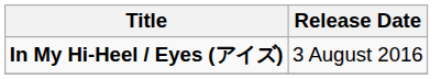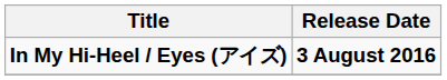 <table class="wikitable">
 <tr>
 <th>Title</th>
 <th>Release Date</th>
 </tr>
 <tr>
 <td><strong> In My Hi-Heel / Eyes (アイズ)</strong></td>
-<td>3 August 2016</td>
+<td><strong>3 August 2016</strong></td>
 </tr>
 <tr>
 </tr>
 </table>
